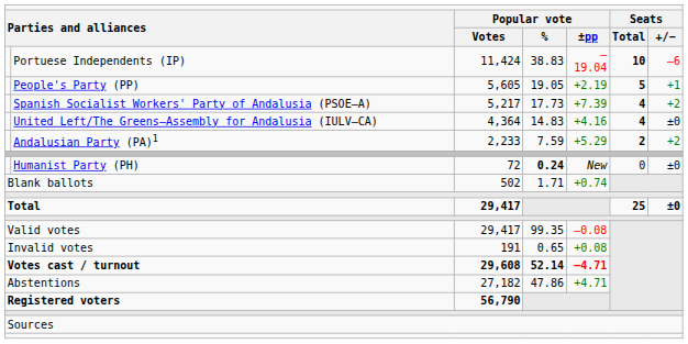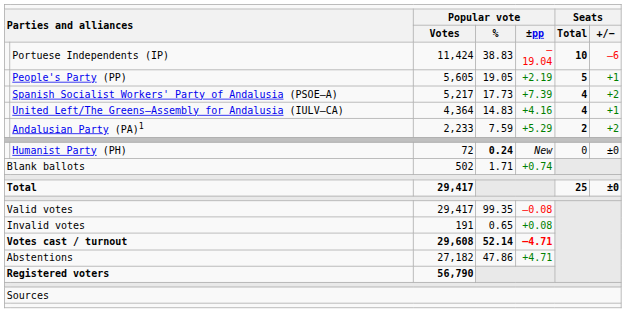 <table class="wikitable" style="text-align:right;">
 <tr>
 <td colspan="7"></td>
 </tr>
 <tr>
 <th style="text-align:left;" rowspan="2" colspan="2" width="525">Parties and alliances</th>
 <th colspan="3">Popular vote</th>
 <th colspan="2">Seats</th>
 </tr>
 <tr>
 <th width="75">Votes</th>
 <th width="45">%</th>
 <th width="45">±<a href='#'>pp</a></th>
 <th width="35">Total</th>
 <th width="35">+/−</th>
 </tr>
 <tr>
 <td width="1" style="color:inherit;background:"></td>
 <td align="left">Portuese Independents (IP)</td>
 <td>11,424</td>
 <td>38.83</td>
 <td style="color:red;">–19.04</td>
 <td><strong>10</strong></td>
 <td style="color:red;">–6</td>
 </tr>
 <tr>
 <td style="color:inherit;background:"></td>
 <td align="left"><a href='#'>People's Party</a> (PP)</td>
 <td>5,605</td>
 <td>19.05</td>
 <td style="color:green;">+2.19</td>
 <td><strong>5</strong></td>
 <td style="color:green;">+1</td>
 </tr>
 <tr>
 <td style="color:inherit;background:"></td>
 <td align="left"><a href='#'>Spanish Socialist Workers' Party of Andalusia</a> (PSOE–A)</td>
 <td>5,217</td>
 <td>17.73</td>
 <td style="color:green;">+7.39</td>
 <td><strong>4</strong></td>
 <td style="color:green;">+2</td>
 </tr>
 <tr>
 <td style="color:inherit;background:"></td>
 <td align="left"><a href='#'>United Left/The Greens–Assembly for Andalusia</a> (IULV–CA)</td>
 <td>4,364</td>
 <td>14.83</td>
 <td style="color:green;">+4.16</td>
 <td><strong>4</strong></td>
-<td>±0</td>
+<td style="color:green;">+1</td>
 </tr>
 <tr>
 <td style="color:inherit;background:"></td>
 <td align="left"><a href='#'>Andalusian Party</a> (PA)<sup>1</sup></td>
 <td>2,233</td>
 <td>7.59</td>
 <td style="color:green;">+5.29</td>
 <td><strong>2</strong></td>
 <td style="color:green;">+2</td>
 </tr>
 <tr>
 <td colspan="7" bgcolor="#C0C0C0"></td>
 </tr>
 <tr>
 <td style="color:inherit;background:"></td>
 <td align="left"><a href='#'>Humanist Party</a> (PH)</td>
 <td>72</td>
 <td><strong>0.24</strong></td>
 <td><em>New</em></td>
 <td>0</td>
 <td>±0</td>
 </tr>
 <tr>
 <td align="left" colspan="2">Blank ballots</td>
 <td>502</td>
 <td>1.71</td>
 <td style="color:green;">+0.74</td>
 <td bgcolor="#E9E9E9" colspan="2"></td>
 </tr>
 <tr>
 <td colspan="7" bgcolor="#E9E9E9"></td>
 </tr>
 <tr style="font-weight:bold;">
 <td align="left" colspan="2">Total</td>
 <td>29,417</td>
 <td bgcolor="#E9E9E9" colspan="2"></td>
 <td>25</td>
 <td>±0</td>
 </tr>
 <tr>
 <td colspan="7" bgcolor="#E9E9E9"></td>
 </tr>
 <tr>
 <td align="left" colspan="2">Valid votes</td>
 <td>29,417</td>
 <td>99.35</td>
 <td style="color:red;">–0.08</td>
 <td bgcolor="#E9E9E9" colspan="2" rowspan="5"></td>
 </tr>
 <tr>
 <td align="left" colspan="2">Invalid votes</td>
 <td>191</td>
 <td>0.65</td>
 <td style="color:green;">+0.08</td>
 </tr>
 <tr style="font-weight:bold;">
 <td align="left" colspan="2">Votes cast / turnout</td>
 <td>29,608</td>
 <td>52.14</td>
 <td style="color:red;">–4.71</td>
 </tr>
 <tr>
 <td align="left" colspan="2">Abstentions</td>
 <td>27,182</td>
 <td>47.86</td>
 <td style="color:green;">+4.71</td>
 </tr>
 <tr style="font-weight:bold;">
 <td align="left" colspan="2">Registered voters</td>
 <td>56,790</td>
 <td bgcolor="#E9E9E9" colspan="2"></td>
 </tr>
 <tr>
 <td colspan="7" bgcolor="#E9E9E9"></td>
 </tr>
 <tr>
 <td align="left" colspan="7">Sources</td>
 </tr>
 <tr>
 <td colspan="7" style="text-align:left; max-width:790px;"></td>
 </tr>
 </table>
